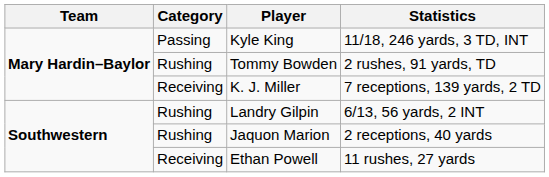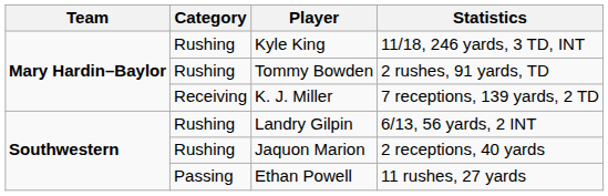 <table class="wikitable" style="float: right;">
 <tr>
 <th>Team</th>
 <th>Category</th>
 <th>Player</th>
 <th>Statistics</th>
 </tr>
 <tr>
 <td rowspan=3><strong>Mary Hardin–Baylor</strong></td>
-<td>Passing</td>
+<td>Rushing</td>
 <td>Kyle King</td>
 <td>11/18, 246 yards, 3 TD, INT</td>
 </tr>
 <tr>
 <td>Rushing</td>
 <td>Tommy Bowden</td>
 <td>2 rushes, 91 yards, TD</td>
 </tr>
 <tr>
 <td>Receiving</td>
 <td>K. J. Miller</td>
 <td>7 receptions, 139 yards, 2 TD</td>
 </tr>
 <tr>
 <td rowspan=3><strong>Southwestern</strong></td>
 <td>Rushing</td>
 <td>Landry Gilpin</td>
 <td>6/13, 56 yards, 2 INT</td>
 </tr>
 <tr>
 <td>Rushing</td>
 <td>Jaquon Marion</td>
 <td>2 receptions, 40 yards</td>
 </tr>
 <tr>
-<td>Receiving</td>
+<td>Passing</td>
 <td>Ethan Powell</td>
 <td>11 rushes, 27 yards</td>
 </tr>
 </table>
